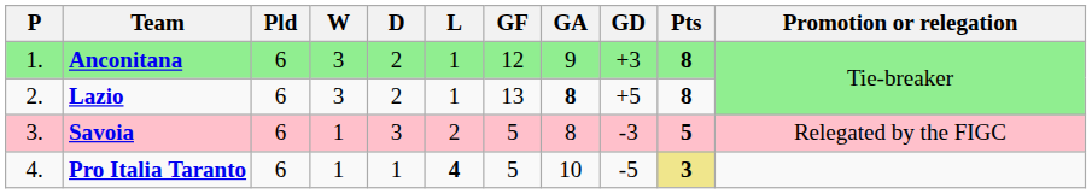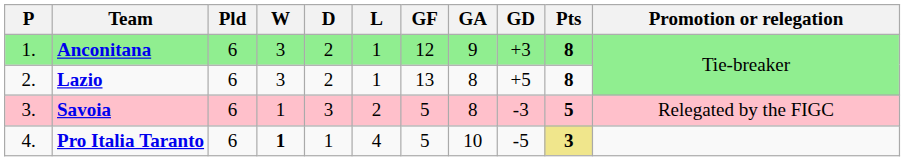 <table class="wikitable sortable" style="text-align: center;">
 <tr>
 <th width=33>P<br></th>
 <th>Team<br></th>
 <th width=33>Pld<br></th>
 <th width=33>W<br></th>
 <th width=33>D<br></th>
 <th width=33>L<br></th>
 <th width=33>GF<br></th>
 <th width=33>GA<br></th>
 <th width=33>GD<br></th>
 <th width=33>Pts<br></th>
 <th class="unsortable" width=250>Promotion or relegation<br></th>
 </tr>
 <tr style="background:#90EE90">
 <td>1.</td>
 <td align="left"><strong><a href='#'>Anconitana</a></strong></td>
 <td>6</td>
 <td>3</td>
 <td>2</td>
 <td>1</td>
 <td>12</td>
 <td>9</td>
 <td>+3</td>
 <td><strong>8</strong></td>
 <td rowspan="2">Tie-breaker</td>
 </tr>
 <tr>
 <td>2.</td>
 <td align="left"><strong><a href='#'>Lazio</a></strong></td>
 <td>6</td>
 <td>3</td>
 <td>2</td>
 <td>1</td>
 <td>13</td>
-<td><strong>8</strong></td>
+<td>8</td>
 <td>+5</td>
 <td><strong>8</strong></td>
 </tr>
 <tr style="background: pink">
 <td>3.</td>
 <td align="left"><strong><a href='#'>Savoia</a></strong></td>
 <td>6</td>
 <td>1</td>
 <td>3</td>
 <td>2</td>
 <td>5</td>
 <td>8</td>
 <td>-3</td>
 <td><strong>5</strong></td>
 <td>Relegated by the FIGC</td>
 </tr>
 <tr>
 <td>4.</td>
 <td align="left"><strong><a href='#'>Pro Italia Taranto</a></strong></td>
 <td>6</td>
+<td><strong>1</strong></td>
 <td>1</td>
-<td>1</td>
-<td><strong>4</strong></td>
+<td>4</td>
 <td>5</td>
 <td>10</td>
 <td>-5</td>
 <td style="background: khaki;"><strong>3</strong></td>
 </tr>
 </table>
